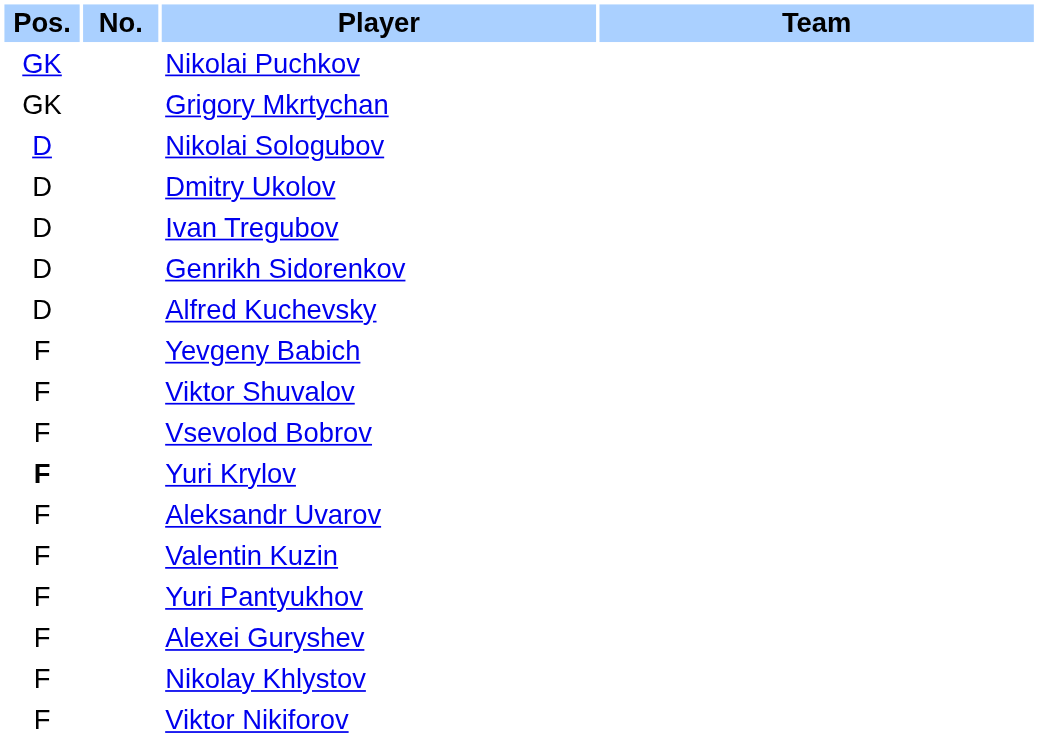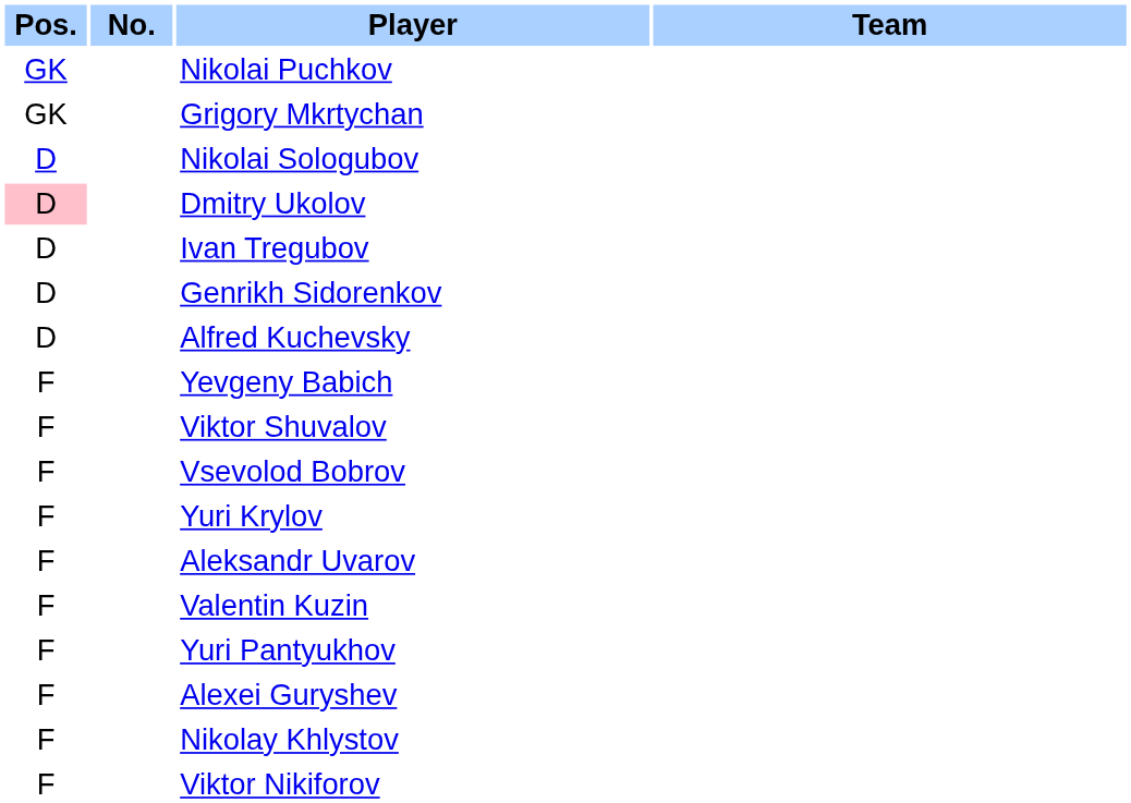 <table border="0" cellspacing="2" cellpadding="2">
 <tr bgcolor=AAD0FF>
 <th width=40>Pos.</th>
 <th width=40>No.</th>
 <th width=250>Player</th>
 <th width=250>Team</th>
 </tr>
 <tr>
 <td style="text-align:center;"><a href='#'>GK</a></td>
 <td style="text-align:center;"></td>
 <td><a href='#'>Nikolai Puchkov</a></td>
 </tr>
 <tr>
 <td style="text-align:center;">GK</td>
 <td style="text-align:center;"></td>
 <td><a href='#'>Grigory Mkrtychan</a></td>
 </tr>
 <tr>
 <td style="text-align:center;"><a href='#'>D</a></td>
 <td style="text-align:center;"></td>
 <td><a href='#'>Nikolai Sologubov</a></td>
 </tr>
 <tr>
-<td style="text-align:center;">D</td>
+<td style="background: pink; text-align:center;">D</td>
 <td style="text-align:center;"></td>
 <td><a href='#'>Dmitry Ukolov</a></td>
 </tr>
 <tr>
 <td style="text-align:center;">D</td>
 <td style="text-align:center;"></td>
 <td><a href='#'>Ivan Tregubov</a></td>
 </tr>
 <tr>
 <td style="text-align:center;">D</td>
 <td style="text-align:center;"></td>
 <td><a href='#'>Genrikh Sidorenkov</a></td>
 </tr>
 <tr>
 <td style="text-align:center;">D</td>
 <td style="text-align:center;"></td>
 <td><a href='#'>Alfred Kuchevsky</a></td>
 </tr>
 <tr>
 <td style="text-align:center;">F</td>
 <td style="text-align:center;"></td>
 <td><a href='#'>Yevgeny Babich</a></td>
 </tr>
 <tr>
 <td style="text-align:center;">F</td>
 <td style="text-align:center;"></td>
 <td><a href='#'>Viktor Shuvalov</a></td>
 </tr>
 <tr>
 <td style="text-align:center;">F</td>
 <td style="text-align:center;"></td>
 <td><a href='#'>Vsevolod Bobrov</a></td>
 </tr>
 <tr>
-<td style="text-align:center;"><strong>F</strong></td>
+<td style="text-align:center;">F</td>
 <td style="text-align:center;"></td>
 <td><a href='#'>Yuri Krylov</a></td>
 </tr>
 <tr>
 <td style="text-align:center;">F</td>
 <td style="text-align:center;"></td>
 <td><a href='#'>Aleksandr Uvarov</a></td>
 </tr>
 <tr>
 <td style="text-align:center;">F</td>
 <td style="text-align:center;"></td>
 <td><a href='#'>Valentin Kuzin</a></td>
 </tr>
 <tr>
 <td style="text-align:center;">F</td>
 <td style="text-align:center;"></td>
 <td><a href='#'>Yuri Pantyukhov</a></td>
 </tr>
 <tr>
 <td style="text-align:center;">F</td>
 <td style="text-align:center;"></td>
 <td><a href='#'>Alexei Guryshev</a></td>
 </tr>
 <tr>
 <td style="text-align:center;">F</td>
 <td style="text-align:center;"></td>
 <td><a href='#'>Nikolay Khlystov</a></td>
 </tr>
 <tr>
 <td style="text-align:center;">F</td>
 <td style="text-align:center;"></td>
 <td><a href='#'>Viktor Nikiforov</a></td>
 </tr>
 </table>
